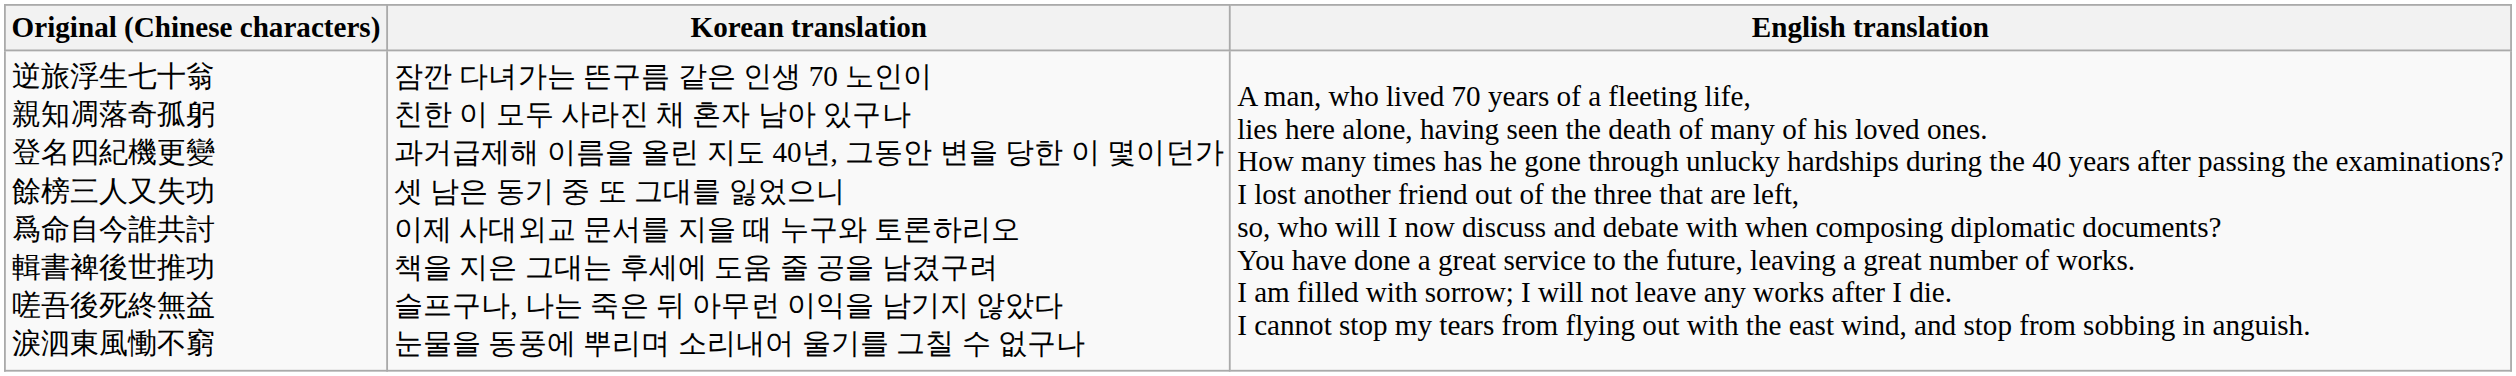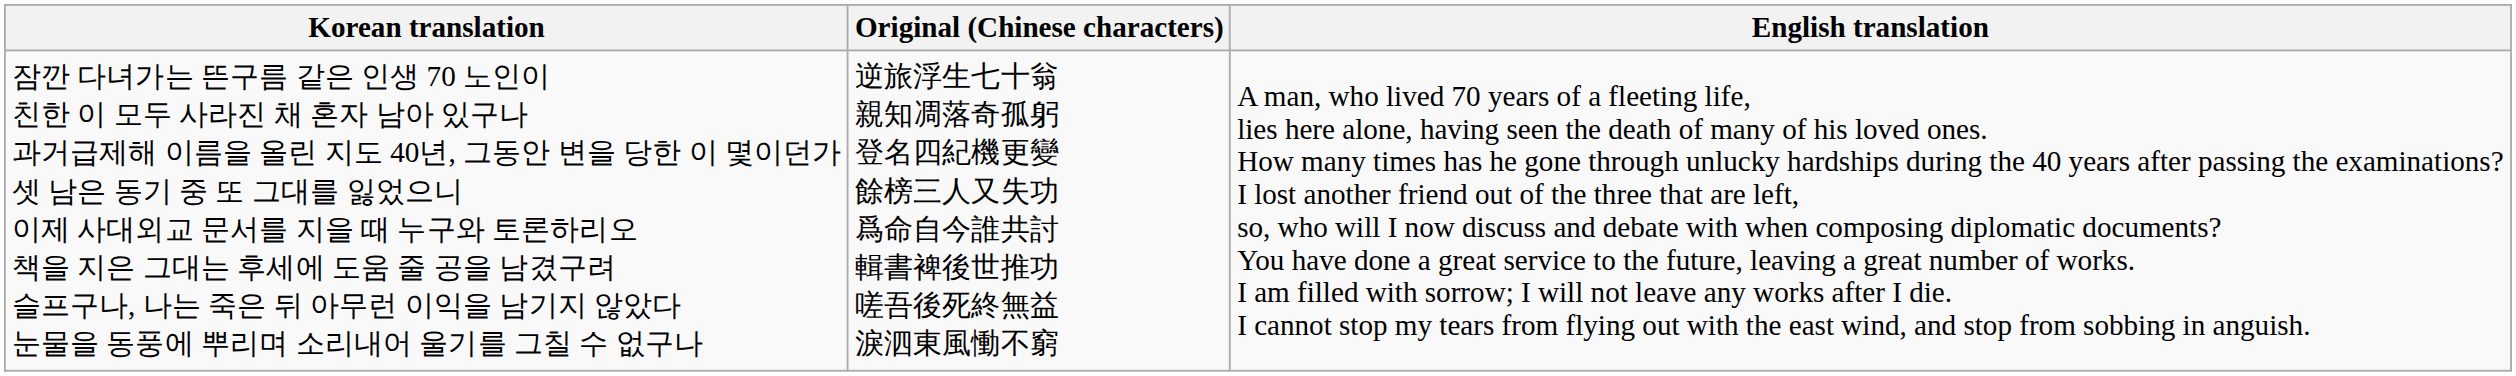 <table class="wikitable">
 <tr>
+<th>Korean translation</th>
 <th>Original (Chinese characters)</th>
-<th>Korean translation</th>
 <th>English translation</th>
 </tr>
 <tr>
+<td>잠깐 다녀가는 뜬구름 같은 인생 70 노인이<br>친한 이 모두 사라진 채 혼자 남아 있구나<br>과거급제해 이름을 올린 지도 40년, 그동안 변을 당한 이 몇이던가<br>셋 남은 동기 중 또 그대를 잃었으니<br>이제 사대외교 문서를 지을 때 누구와 토론하리오<br>책을 지은 그대는 후세에 도움 줄 공을 남겼구려<br>슬프구나, 나는 죽은 뒤 아무런 이익을 남기지 않았다<br>눈물을 동풍에 뿌리며 소리내어 울기를 그칠 수 없구나</td>
 <td>逆旅浮生七十翁<br>親知凋落奇孤躬<br>登名四紀機更變<br>餘榜三人又失功<br>爲命自今誰共討<br>輯書裨後世推功<br>嗟吾後死終無益<br>淚泗東風慟不窮</td>
-<td>잠깐 다녀가는 뜬구름 같은 인생 70 노인이<br>친한 이 모두 사라진 채 혼자 남아 있구나<br>과거급제해 이름을 올린 지도 40년, 그동안 변을 당한 이 몇이던가<br>셋 남은 동기 중 또 그대를 잃었으니<br>이제 사대외교 문서를 지을 때 누구와 토론하리오<br>책을 지은 그대는 후세에 도움 줄 공을 남겼구려<br>슬프구나, 나는 죽은 뒤 아무런 이익을 남기지 않았다<br>눈물을 동풍에 뿌리며 소리내어 울기를 그칠 수 없구나</td>
 <td>A man, who lived 70 years of a fleeting life,<br>lies here alone, having seen the death of many of his loved ones.<br>How many times has he gone through unlucky hardships during the 40 years after passing the examinations?<br>I lost another friend out of the three that are left,<br>so, who will I now discuss and debate with when composing diplomatic documents?<br>You have done a great service to the future, leaving a great number of works.<br>I am filled with sorrow; I will not leave any works after I die.<br>I cannot stop my tears from flying out with the east wind, and stop from sobbing in anguish.</td>
 </tr>
 </table>
